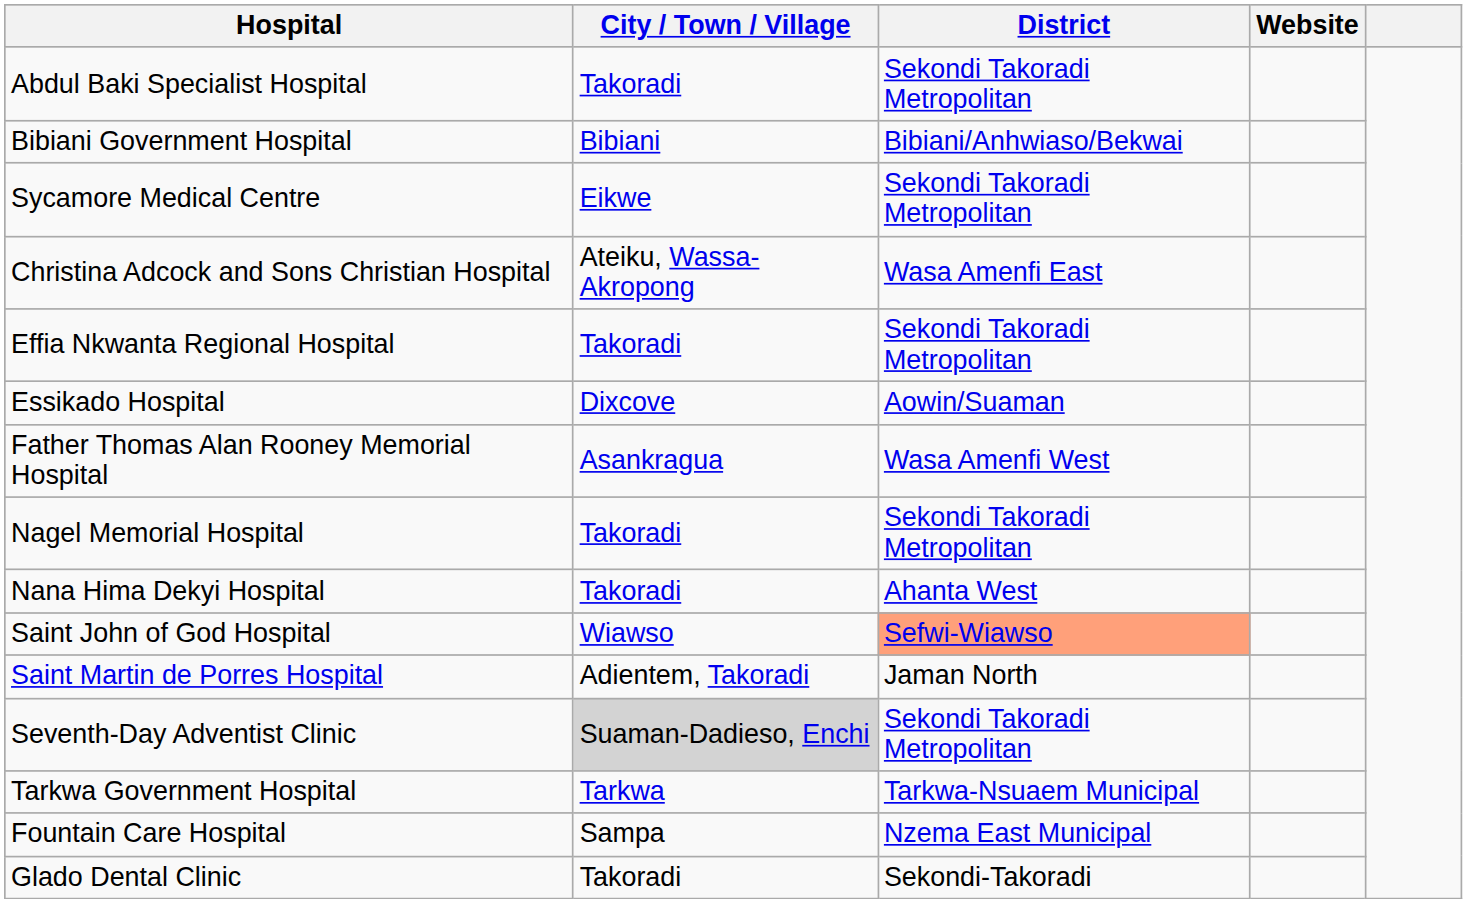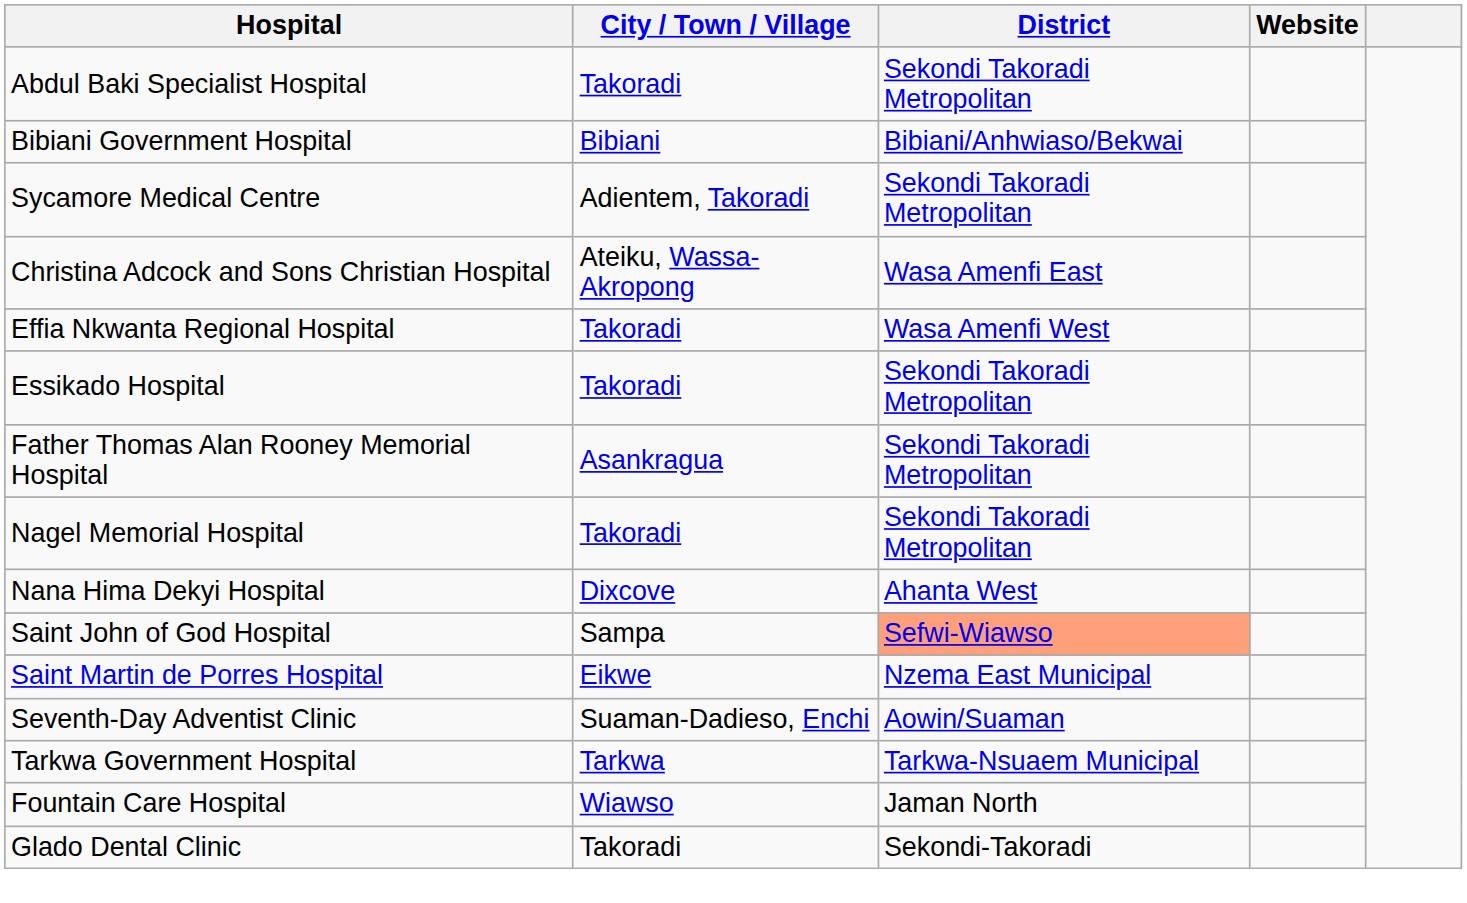 <table class="wikitable sortable">
 <tr>
 <th>Hospital</th>
 <th><a href='#'>City / Town / Village</a></th>
 <th><a href='#'>District</a></th>
 <th>Website</th>
 <th width="50"></th>
 </tr>
 <tr>
 <td>Abdul Baki Specialist Hospital</td>
 <td><a href='#'>Takoradi</a></td>
 <td><a href='#'>Sekondi Takoradi Metropolitan</a></td>
 <td></td>
 <td rowspan="15"></td>
 </tr>
 <tr>
 <td>Bibiani Government Hospital</td>
 <td><a href='#'>Bibiani</a></td>
 <td><a href='#'>Bibiani/Anhwiaso/Bekwai</a></td>
 <td></td>
 </tr>
 <tr>
 <td>Sycamore Medical Centre</td>
-<td><a href='#'>Eikwe</a></td>
+<td>Adientem, <a href='#'>Takoradi</a></td>
 <td><a href='#'>Sekondi Takoradi Metropolitan</a></td>
 <td></td>
 </tr>
 <tr>
 <td>Christina Adcock and Sons Christian Hospital</td>
 <td>Ateiku, <a href='#'>Wassa-Akropong</a></td>
 <td><a href='#'>Wasa Amenfi East</a></td>
 <td></td>
 </tr>
 <tr>
 <td>Effia Nkwanta Regional Hospital</td>
 <td><a href='#'>Takoradi</a></td>
-<td><a href='#'>Sekondi Takoradi Metropolitan</a></td>
+<td><a href='#'>Wasa Amenfi West</a></td>
 <td></td>
 </tr>
 <tr>
 <td>Essikado Hospital</td>
-<td><a href='#'>Dixcove</a></td>
-<td><a href='#'>Aowin/Suaman</a></td>
+<td><a href='#'>Takoradi</a></td>
+<td><a href='#'>Sekondi Takoradi Metropolitan</a></td>
 <td></td>
 </tr>
 <tr>
 <td>Father Thomas Alan Rooney Memorial Hospital</td>
 <td><a href='#'>Asankragua</a></td>
-<td><a href='#'>Wasa Amenfi West</a></td>
+<td><a href='#'>Sekondi Takoradi Metropolitan</a></td>
 </tr>
 <tr>
 <td>Nagel Memorial Hospital</td>
 <td><a href='#'>Takoradi</a></td>
 <td><a href='#'>Sekondi Takoradi Metropolitan</a></td>
 <td></td>
 </tr>
 <tr>
 <td>Nana Hima Dekyi Hospital</td>
-<td><a href='#'>Takoradi</a></td>
+<td><a href='#'>Dixcove</a></td>
 <td><a href='#'>Ahanta West</a></td>
 <td></td>
 </tr>
 <tr>
 <td>Saint John of God Hospital</td>
-<td><a href='#'>Wiawso</a></td>
+<td>Sampa</td>
 <td style="background: lightsalmon;"><a href='#'>Sefwi-Wiawso</a></td>
 <td></td>
 </tr>
 <tr>
 <td><a href='#'>Saint Martin de Porres Hospital</a></td>
-<td>Adientem, <a href='#'>Takoradi</a></td>
-<td>Jaman North</td>
+<td><a href='#'>Eikwe</a></td>
+<td><a href='#'>Nzema East Municipal</a></td>
 <td></td>
 </tr>
 <tr>
 <td>Seventh-Day Adventist Clinic</td>
-<td style="background: lightgrey;">Suaman-Dadieso, <a href='#'>Enchi</a></td>
-<td><a href='#'>Sekondi Takoradi Metropolitan</a></td>
+<td>Suaman-Dadieso, <a href='#'>Enchi</a></td>
+<td><a href='#'>Aowin/Suaman</a></td>
 <td></td>
 </tr>
 <tr>
 <td>Tarkwa Government Hospital</td>
 <td><a href='#'>Tarkwa</a></td>
 <td><a href='#'>Tarkwa-Nsuaem Municipal</a></td>
 </tr>
 <tr>
 <td>Fountain Care Hospital</td>
-<td>Sampa</td>
-<td><a href='#'>Nzema East Municipal</a></td>
+<td><a href='#'>Wiawso</a></td>
+<td>Jaman North</td>
 <td></td>
 </tr>
 <tr>
 <td>Glado Dental Clinic</td>
 <td>Takoradi</td>
 <td>Sekondi-Takoradi</td>
 <td></td>
 </tr>
 </table>
